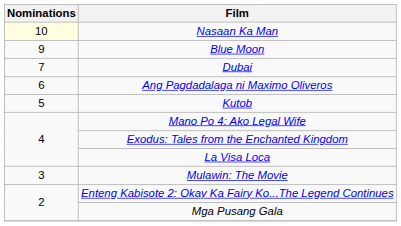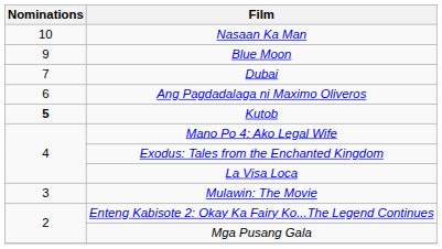 <table class="wikitable" style="text-align:center;">
 <tr>
 <th scope="col" width="55">Nominations</th>
 <th scope="col" align="center">Film</th>
 </tr>
 <tr>
-<td style="background: lightyellow; text-align:center">10</td>
+<td style="text-align:center">10</td>
 <td><em><a href='#'>Nasaan Ka Man</a></em></td>
 </tr>
 <tr>
 <td style="text-align:center">9</td>
 <td><em><a href='#'>Blue Moon</a></em></td>
 </tr>
 <tr>
 <td style="text-align:center">7</td>
 <td><em><a href='#'>Dubai</a></em></td>
 </tr>
 <tr>
 <td style="text-align:center">6</td>
 <td><em><a href='#'>Ang Pagdadalaga ni Maximo Oliveros</a></em></td>
 </tr>
 <tr>
-<td style="text-align:center">5</td>
+<td style="text-align:center"><strong>5</strong></td>
 <td><em><a href='#'>Kutob</a></em></td>
 </tr>
 <tr>
 <td rowspan=3 style="text-align:center">4</td>
 <td><em><a href='#'>Mano Po 4: Ako Legal Wife</a></em></td>
 </tr>
 <tr>
 <td><em><a href='#'>Exodus: Tales from the Enchanted Kingdom</a></em></td>
 </tr>
 <tr>
 <td><em><a href='#'>La Visa Loca</a></em></td>
 </tr>
 <tr>
 <td style="text-align:center">3</td>
 <td><em><a href='#'>Mulawin: The Movie</a></em></td>
 </tr>
 <tr>
 <td rowspan=2 style="text-align:center">2</td>
 <td><em><a href='#'>Enteng Kabisote 2: Okay Ka Fairy Ko...The Legend Continues</a></em></td>
 </tr>
 <tr>
 <td><em>Mga Pusang Gala</em></td>
 </tr>
 <tr>
 </tr>
 </table>
